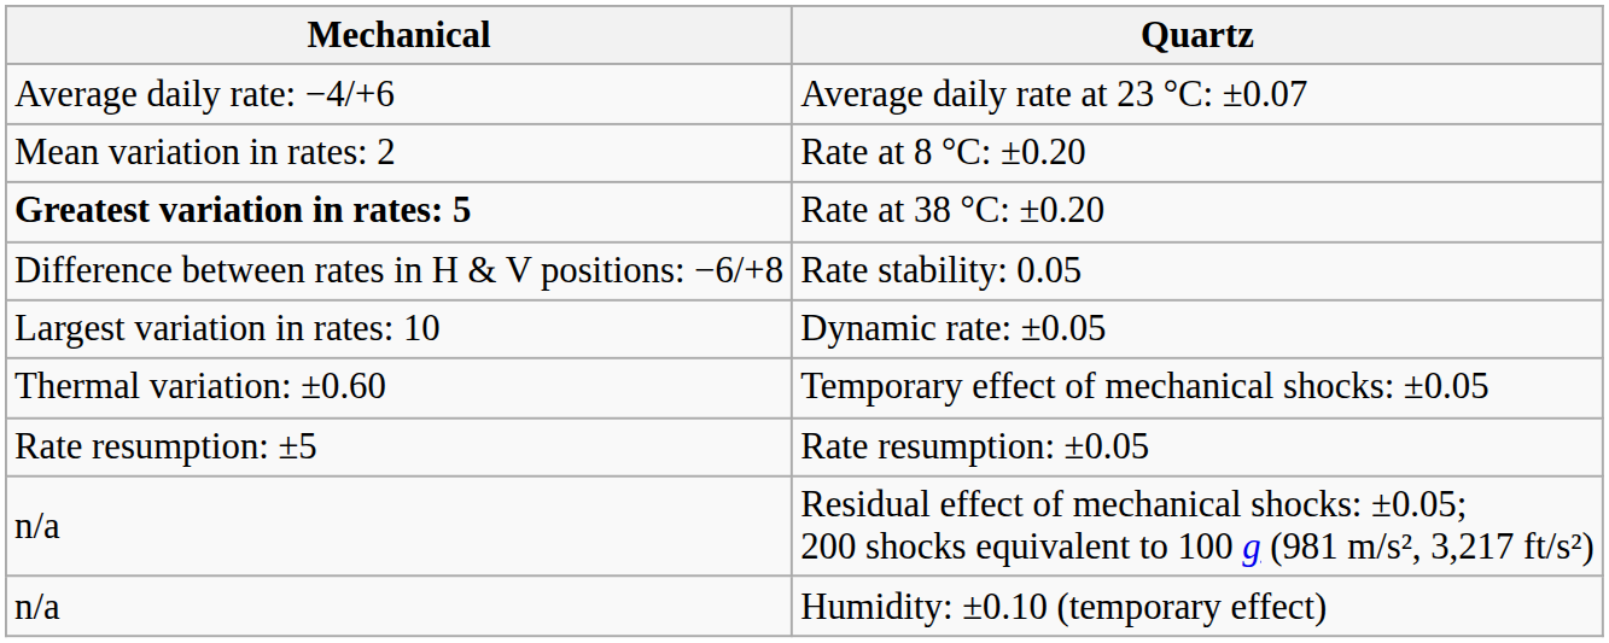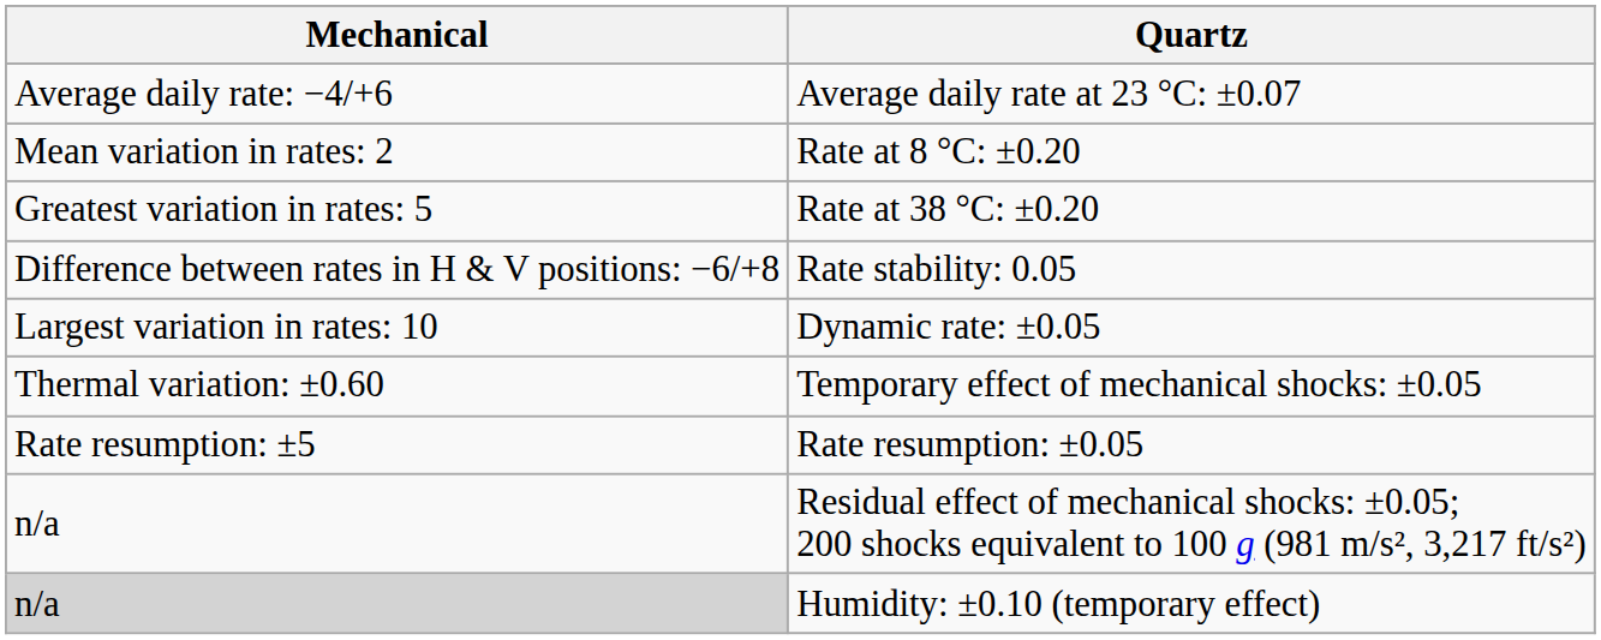 <table class="wikitable">
 <tr>
 <th>Mechanical</th>
 <th>Quartz</th>
 </tr>
 <tr>
 <td>Average daily rate: −4/+6</td>
 <td>Average daily rate at 23 °C: ±0.07</td>
 </tr>
 <tr>
 <td>Mean variation in rates: 2</td>
 <td>Rate at 8 °C: ±0.20</td>
 </tr>
 <tr>
-<td><strong>Greatest variation in rates: 5</strong></td>
+<td>Greatest variation in rates: 5</td>
 <td>Rate at 38 °C: ±0.20</td>
 </tr>
 <tr>
 <td>Difference between rates in H & V positions: −6/+8</td>
 <td>Rate stability: 0.05</td>
 </tr>
 <tr>
 <td>Largest variation in rates: 10</td>
 <td>Dynamic rate: ±0.05</td>
 </tr>
 <tr>
 <td>Thermal variation: ±0.60</td>
 <td>Temporary effect of mechanical shocks: ±0.05</td>
 </tr>
 <tr>
 <td>Rate resumption: ±5</td>
 <td>Rate resumption: ±0.05</td>
 </tr>
 <tr>
 <td>n/a</td>
 <td>Residual effect of mechanical shocks: ±0.05;<br>200 shocks equivalent to 100 <a href='#'><em>g</em></a> (981 m/s², 3,217 ft/s²)</td>
 </tr>
 <tr>
-<td>n/a</td>
+<td style="background: lightgrey;">n/a</td>
 <td>Humidity: ±0.10 (temporary effect)</td>
 </tr>
 </table>
